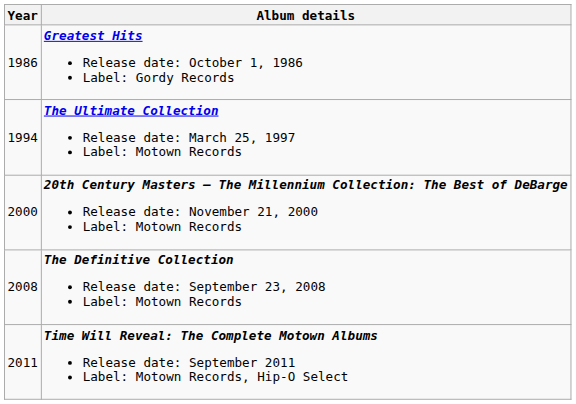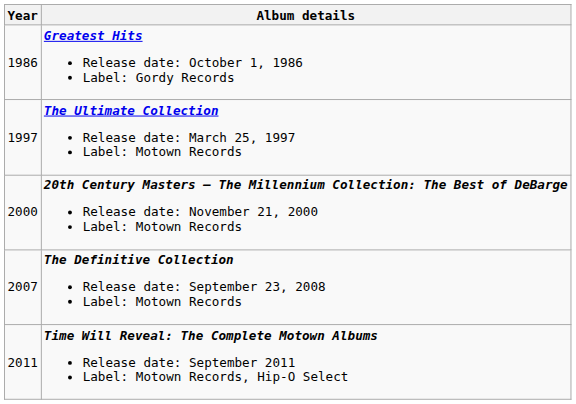 <table class="wikitable" style="text-align:center;">
 <tr>
 <th>Year</th>
 <th>Album details</th>
 </tr>
 <tr>
 <td>1986</td>
 <td style="text-align:left;"><strong><em><a href='#'>Greatest Hits</a></em></strong><br><ul><li>Release date: October 1, 1986</li><li>Label: Gordy Records</li></ul></td>
 </tr>
 <tr>
-<td>1994</td>
+<td>1997</td>
 <td style="text-align:left;"><strong><em><a href='#'>The Ultimate Collection</a></em></strong><br><ul><li>Release date: March 25, 1997</li><li>Label: Motown Records</li></ul></td>
 </tr>
 <tr>
 <td>2000</td>
 <td style="text-align:left;"><strong><em>20th Century Masters – The Millennium Collection: The Best of DeBarge</em></strong><br><ul><li>Release date: November 21, 2000</li><li>Label: Motown Records</li></ul></td>
 </tr>
 <tr>
-<td>2008</td>
+<td>2007</td>
 <td style="text-align:left;"><strong><em>The Definitive Collection</em></strong><br><ul><li>Release date: September 23, 2008</li><li>Label: Motown Records</li></ul></td>
 </tr>
 <tr>
 <td>2011</td>
 <td style="text-align:left;"><strong><em>Time Will Reveal: The Complete Motown Albums</em></strong><br><ul><li>Release date: September 2011</li><li>Label: Motown Records, Hip-O Select</li></ul></td>
 </tr>
 </table>
